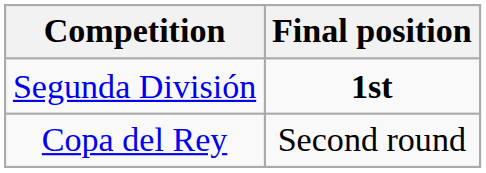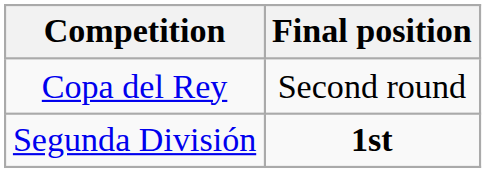 <table class="wikitable" style="font-size:100%; text-align:center">
 <tr>
 <th>Competition</th>
 <th>Final position</th>
 </tr>
 <tr style="background:">
+<td><a href='#'>Copa del Rey</a></td>
+<td>Second round</td>
+</tr>
+<tr style="background:">
 <td><a href='#'>Segunda División</a></td>
 <td><strong>1st</strong></td>
 </tr>
-<tr style="background:">
-<td><a href='#'>Copa del Rey</a></td>
-<td>Second round</td>
-</tr>
 </table>
